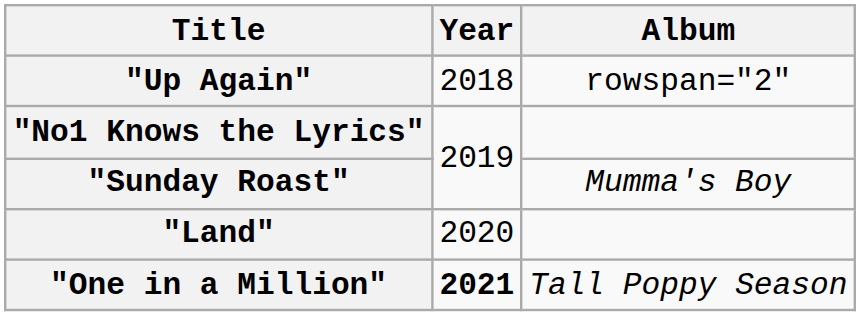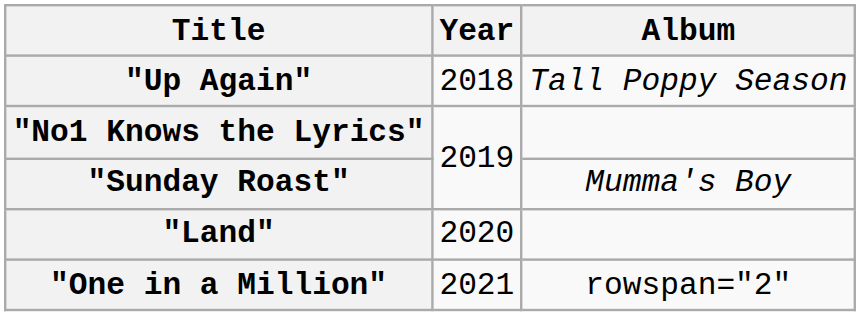 <table class="wikitable plainrowheaders" style="text-align:center;">
 <tr>
 <th>Title</th>
 <th>Year</th>
 <th>Album</th>
 </tr>
 <tr>
 <th scope="row">"Up Again"<br></th>
 <td>2018</td>
-<td>rowspan="2" </td>
+<td><em>Tall Poppy Season</em></td>
 </tr>
 <tr>
 <th scope="row">"No1 Knows the Lyrics"<br></th>
 <td rowspan="2">2019</td>
 </tr>
 <tr>
 <th scope="row">"Sunday Roast"<br></th>
 <td><em>Mumma's Boy</em></td>
 </tr>
 <tr>
 <th scope="row">"Land"<br></th>
 <td>2020</td>
 <td></td>
 </tr>
 <tr>
 <th scope="row">"One in a Million"<br></th>
-<td><strong>2021</strong></td>
-<td><em>Tall Poppy Season</em></td>
+<td>2021</td>
+<td>rowspan="2" </td>
 </tr>
 </table>
